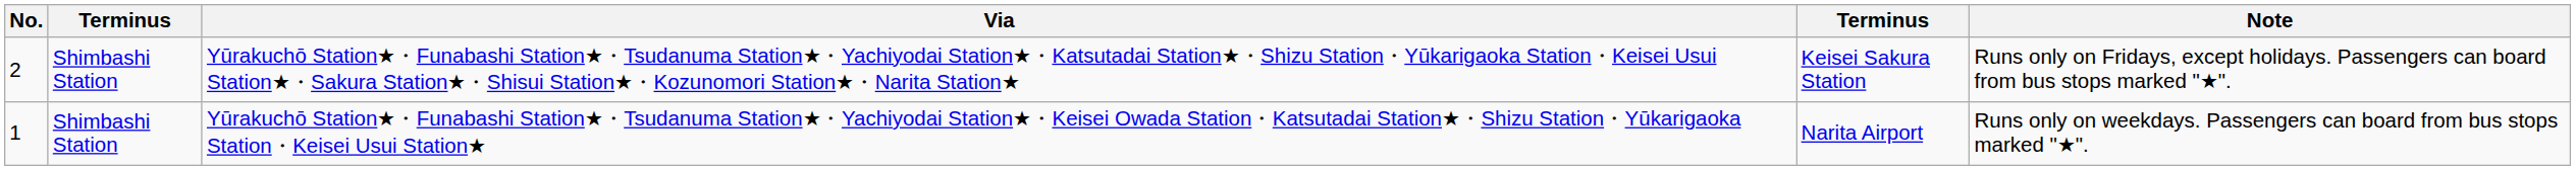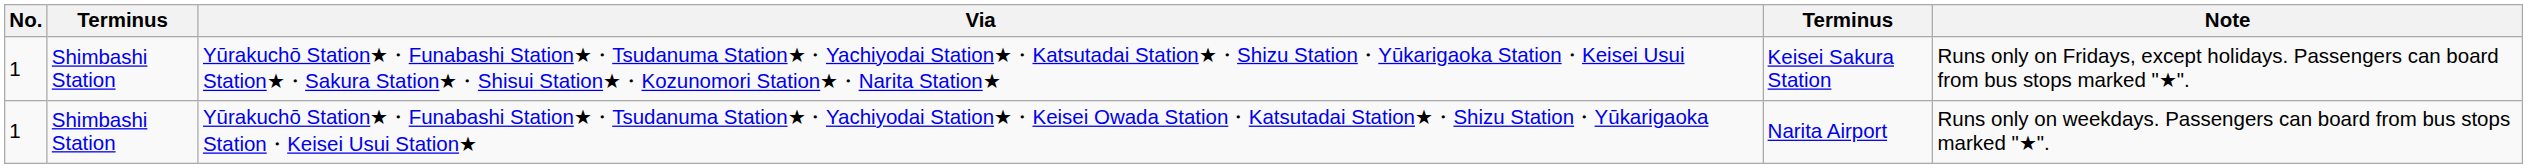 <table class="wikitable">
 <tr>
 <th>No.</th>
 <th>Terminus</th>
 <th>Via</th>
 <th>Terminus</th>
 <th>Note</th>
 </tr>
 <tr>
-<td>2</td>
+<td>1</td>
 <td><a href='#'>Shimbashi Station</a></td>
 <td><a href='#'>Yūrakuchō Station</a>★・<a href='#'>Funabashi Station</a>★・<a href='#'>Tsudanuma Station</a>★・<a href='#'>Yachiyodai Station</a>★・<a href='#'>Katsutadai Station</a>★・<a href='#'>Shizu Station</a>・<a href='#'>Yūkarigaoka Station</a>・<a href='#'>Keisei Usui Station</a>★・<a href='#'>Sakura Station</a>★・<a href='#'>Shisui Station</a>★・<a href='#'>Kozunomori Station</a>★・<a href='#'>Narita Station</a>★</td>
 <td><a href='#'>Keisei Sakura Station</a></td>
 <td>Runs only on Fridays, except holidays. Passengers can board from bus stops marked "★".</td>
 </tr>
 <tr>
 <td>1</td>
 <td><a href='#'>Shimbashi Station</a></td>
 <td><a href='#'>Yūrakuchō Station</a>★・<a href='#'>Funabashi Station</a>★・<a href='#'>Tsudanuma Station</a>★・<a href='#'>Yachiyodai Station</a>★・<a href='#'>Keisei Owada Station</a>・<a href='#'>Katsutadai Station</a>★・<a href='#'>Shizu Station</a>・<a href='#'>Yūkarigaoka Station</a>・<a href='#'>Keisei Usui Station</a>★</td>
 <td><a href='#'>Narita Airport</a></td>
 <td>Runs only on weekdays. Passengers can board from bus stops marked "★".</td>
 </tr>
 </table>
